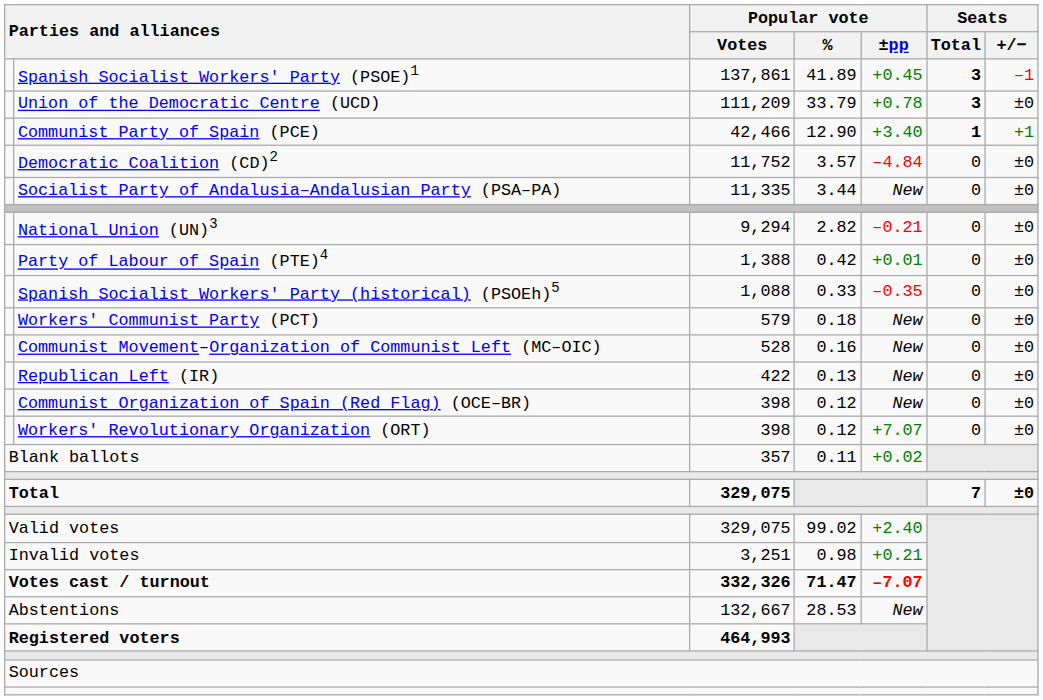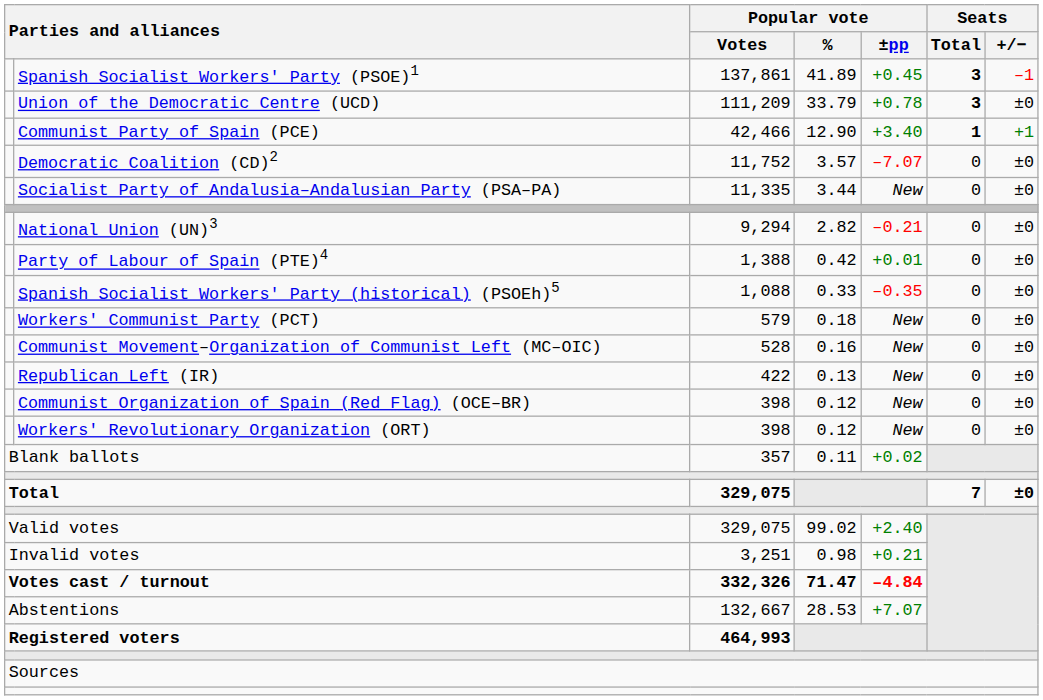 <table class="wikitable" style="text-align:right;">
 <tr>
 <th style="text-align:left;" rowspan="2" colspan="2" width="525">Parties and alliances</th>
 <th colspan="3">Popular vote</th>
 <th colspan="2">Seats</th>
 </tr>
 <tr>
 <th width="75">Votes</th>
 <th width="45">%</th>
 <th width="45">±<a href='#'>pp</a></th>
 <th width="35">Total</th>
 <th width="35">+/−</th>
 </tr>
 <tr>
 <td width="1" style="color:inherit;background:"></td>
 <td align="left"><a href='#'>Spanish Socialist Workers' Party</a> (PSOE)<sup>1</sup></td>
 <td>137,861</td>
 <td>41.89</td>
 <td style="color:green;">+0.45</td>
 <td><strong>3</strong></td>
 <td style="color:red;">–1</td>
 </tr>
 <tr>
 <td style="color:inherit;background:"></td>
 <td align="left"><a href='#'>Union of the Democratic Centre</a> (UCD)</td>
 <td>111,209</td>
 <td>33.79</td>
 <td style="color:green;">+0.78</td>
 <td><strong>3</strong></td>
 <td>±0</td>
 </tr>
 <tr>
 <td style="color:inherit;background:"></td>
 <td align="left"><a href='#'>Communist Party of Spain</a> (PCE)</td>
 <td>42,466</td>
 <td>12.90</td>
 <td style="color:green;">+3.40</td>
 <td><strong>1</strong></td>
 <td style="color:green;">+1</td>
 </tr>
 <tr>
 <td style="color:inherit;background:"></td>
 <td align="left"><a href='#'>Democratic Coalition</a> (CD)<sup>2</sup></td>
 <td>11,752</td>
 <td>3.57</td>
-<td style="color:red;">–4.84</td>
+<td style="color:red;">–7.07</td>
 <td>0</td>
 <td>±0</td>
 </tr>
 <tr>
 <td style="color:inherit;background:"></td>
 <td align="left"><a href='#'>Socialist Party of Andalusia–Andalusian Party</a> (PSA–PA)</td>
 <td>11,335</td>
 <td>3.44</td>
 <td><em>New</em></td>
 <td>0</td>
 <td>±0</td>
 </tr>
 <tr>
 <td colspan="7" bgcolor="#C0C0C0"></td>
 </tr>
 <tr>
 <td style="color:inherit;background:"></td>
 <td align="left"><a href='#'>National Union</a> (UN)<sup>3</sup></td>
 <td>9,294</td>
 <td>2.82</td>
 <td style="color:red;">–0.21</td>
 <td>0</td>
 <td>±0</td>
 </tr>
 <tr>
 <td style="color:inherit;background:"></td>
 <td align="left"><a href='#'>Party of Labour of Spain</a> (PTE)<sup>4</sup></td>
 <td>1,388</td>
 <td>0.42</td>
 <td style="color:green;">+0.01</td>
 <td>0</td>
 <td>±0</td>
 </tr>
 <tr>
 <td style="color:inherit;background:"></td>
 <td align="left"><a href='#'>Spanish Socialist Workers' Party (historical)</a> (PSOEh)<sup>5</sup></td>
 <td>1,088</td>
 <td>0.33</td>
 <td style="color:red;">–0.35</td>
 <td>0</td>
 <td>±0</td>
 </tr>
 <tr>
 <td style="color:inherit;background:"></td>
 <td align="left"><a href='#'>Workers' Communist Party</a> (PCT)</td>
 <td>579</td>
 <td>0.18</td>
 <td><em>New</em></td>
 <td>0</td>
 <td>±0</td>
 </tr>
 <tr>
 <td style="color:inherit;background:"></td>
 <td align="left"><a href='#'>Communist Movement</a>–<a href='#'>Organization of Communist Left</a> (MC–OIC)</td>
 <td>528</td>
 <td>0.16</td>
 <td><em>New</em></td>
 <td>0</td>
 <td>±0</td>
 </tr>
 <tr>
 <td style="color:inherit;background:"></td>
 <td align="left"><a href='#'>Republican Left</a> (IR)</td>
 <td>422</td>
 <td>0.13</td>
 <td><em>New</em></td>
 <td>0</td>
 <td>±0</td>
 </tr>
 <tr>
 <td style="color:inherit;background:"></td>
 <td align="left"><a href='#'>Communist Organization of Spain (Red Flag)</a> (OCE–BR)</td>
 <td>398</td>
 <td>0.12</td>
 <td><em>New</em></td>
 <td>0</td>
 <td>±0</td>
 </tr>
 <tr>
 <td style="color:inherit;background:"></td>
 <td align="left"><a href='#'>Workers' Revolutionary Organization</a> (ORT)</td>
 <td>398</td>
 <td>0.12</td>
-<td style="color:green;">+7.07</td>
+<td><em>New</em></td>
 <td>0</td>
 <td>±0</td>
 </tr>
 <tr>
 <td align="left" colspan="2">Blank ballots</td>
 <td>357</td>
 <td>0.11</td>
 <td style="color:green;">+0.02</td>
 <td bgcolor="#E9E9E9" colspan="2"></td>
 </tr>
 <tr>
 <td colspan="7" bgcolor="#E9E9E9"></td>
 </tr>
 <tr style="font-weight:bold;">
 <td align="left" colspan="2">Total</td>
 <td>329,075</td>
 <td bgcolor="#E9E9E9" colspan="2"></td>
 <td>7</td>
 <td>±0</td>
 </tr>
 <tr>
 <td colspan="7" bgcolor="#E9E9E9"></td>
 </tr>
 <tr>
 <td align="left" colspan="2">Valid votes</td>
 <td>329,075</td>
 <td>99.02</td>
 <td style="color:green;">+2.40</td>
 <td bgcolor="#E9E9E9" colspan="2" rowspan="5"></td>
 </tr>
 <tr>
 <td align="left" colspan="2">Invalid votes</td>
 <td>3,251</td>
 <td>0.98</td>
 <td style="color:green;">+0.21</td>
 </tr>
 <tr style="font-weight:bold;">
 <td align="left" colspan="2">Votes cast / turnout</td>
 <td>332,326</td>
 <td>71.47</td>
-<td style="color:red;">–7.07</td>
+<td style="color:red;">–4.84</td>
 </tr>
 <tr>
 <td align="left" colspan="2">Abstentions</td>
 <td>132,667</td>
 <td>28.53</td>
-<td><em>New</em></td>
+<td style="color:green;">+7.07</td>
 </tr>
 <tr style="font-weight:bold;">
 <td align="left" colspan="2">Registered voters</td>
 <td>464,993</td>
 <td bgcolor="#E9E9E9" colspan="2"></td>
 </tr>
 <tr>
 <td colspan="7" bgcolor="#E9E9E9"></td>
 </tr>
 <tr>
 <td align="left" colspan="7">Sources</td>
 </tr>
 <tr>
 <td colspan="7" style="text-align:left; max-width:790px;"></td>
 </tr>
 </table>
